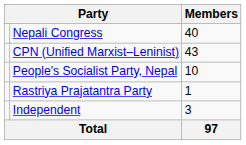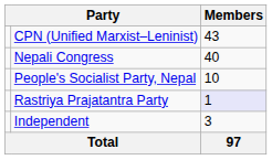 <table class="wikitable">
 <tr>
 <th colspan="2">Party</th>
 <th>Members</th>
 </tr>
 <tr>
 <td style="background-color:"><br></td>
-<td><a href='#'>Nepali Congress</a></td>
-<td>40</td>
+<td><a href='#'>CPN (Unified Marxist–Leninist)</a></td>
+<td>43</td>
 </tr>
 <tr>
 <td style="background-color:"><br></td>
-<td><a href='#'>CPN (Unified Marxist–Leninist)</a></td>
-<td>43</td>
+<td><a href='#'>Nepali Congress</a></td>
+<td>40</td>
 </tr>
 <tr>
 <td style="background-color:"><br></td>
 <td><a href='#'>People's Socialist Party, Nepal</a></td>
 <td>10</td>
 </tr>
 <tr>
 <td style="background-color:"><br></td>
 <td><a href='#'>Rastriya Prajatantra Party</a></td>
-<td>1</td>
+<td style="background: lavender;">1</td>
 </tr>
 <tr>
 <td style="background-color:"><br></td>
 <td><a href='#'>Independent</a></td>
 <td>3</td>
 </tr>
 <tr>
 <th colspan="2">Total</th>
 <th>97</th>
 </tr>
 </table>
